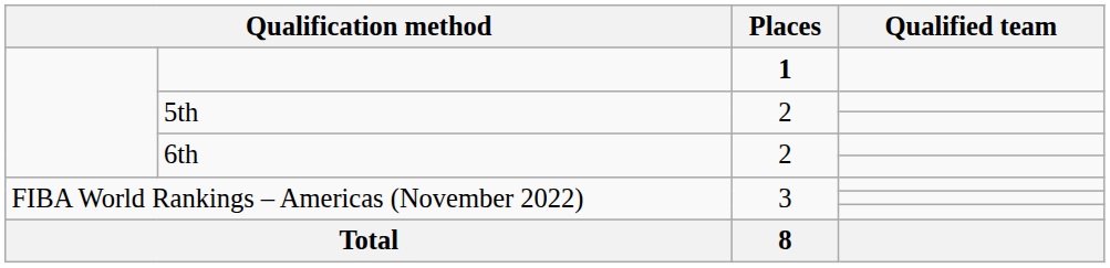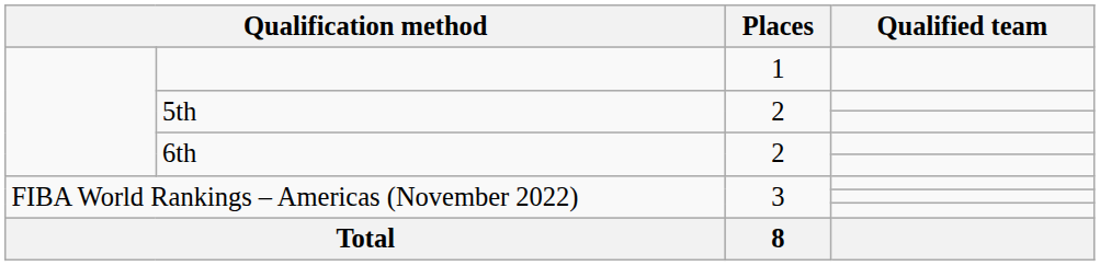 <table class="wikitable" width=650>
 <tr>
 <th colspan=2>Qualification method</th>
 <th>Places</th>
 <th width=150>Qualified team</th>
 </tr>
 <tr>
 <td rowspan=5><a href='#'></a></td>
 <td></td>
-<td align=center><strong>1</strong></td>
+<td align=center>1</td>
 <td></td>
 </tr>
 <tr>
 <td rowspan=2>5th</td>
 <td rowspan=2 align=center>2</td>
 <td><s></s></td>
 </tr>
 <tr>
 <td></td>
 </tr>
 <tr>
 <td rowspan=2>6th</td>
 <td rowspan=2 align=center>2</td>
 <td></td>
 </tr>
 <tr>
 <td></td>
 </tr>
 <tr>
 <td rowspan=3 colspan=2>FIBA World Rankings – Americas (November 2022)</td>
 <td rowspan=3 align=center>3</td>
 <td></td>
 </tr>
 <tr>
 <td></td>
 </tr>
 <tr>
 <td></td>
 </tr>
 <tr>
 <th colspan=2>Total</th>
 <th>8</th>
 <th></th>
 </tr>
 </table>
